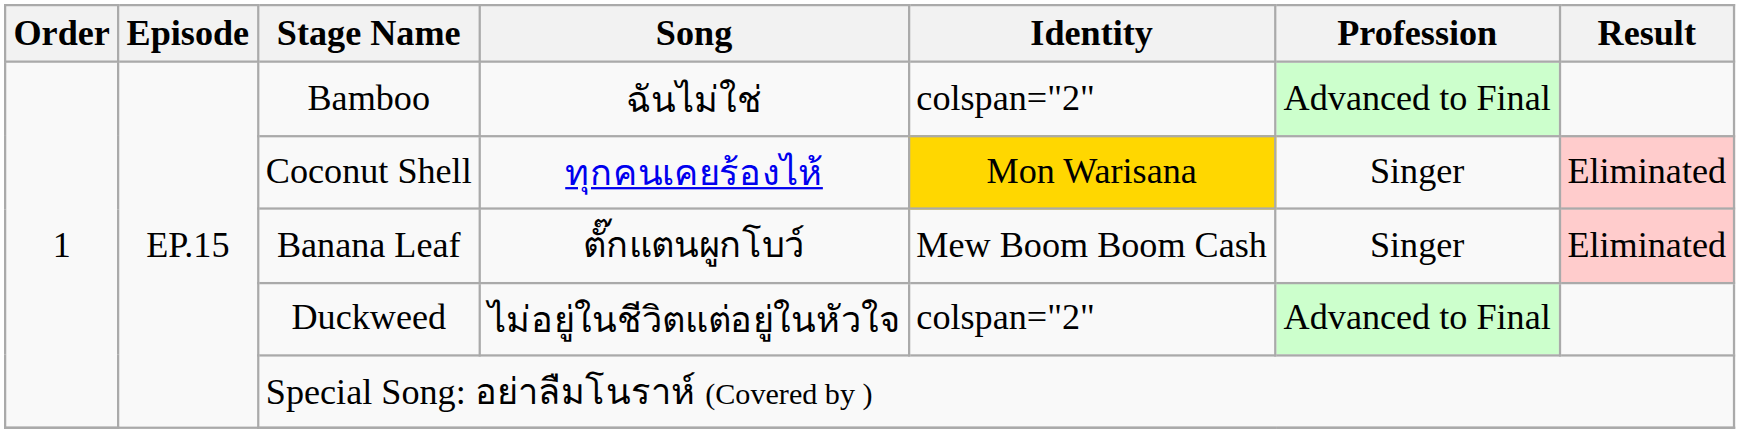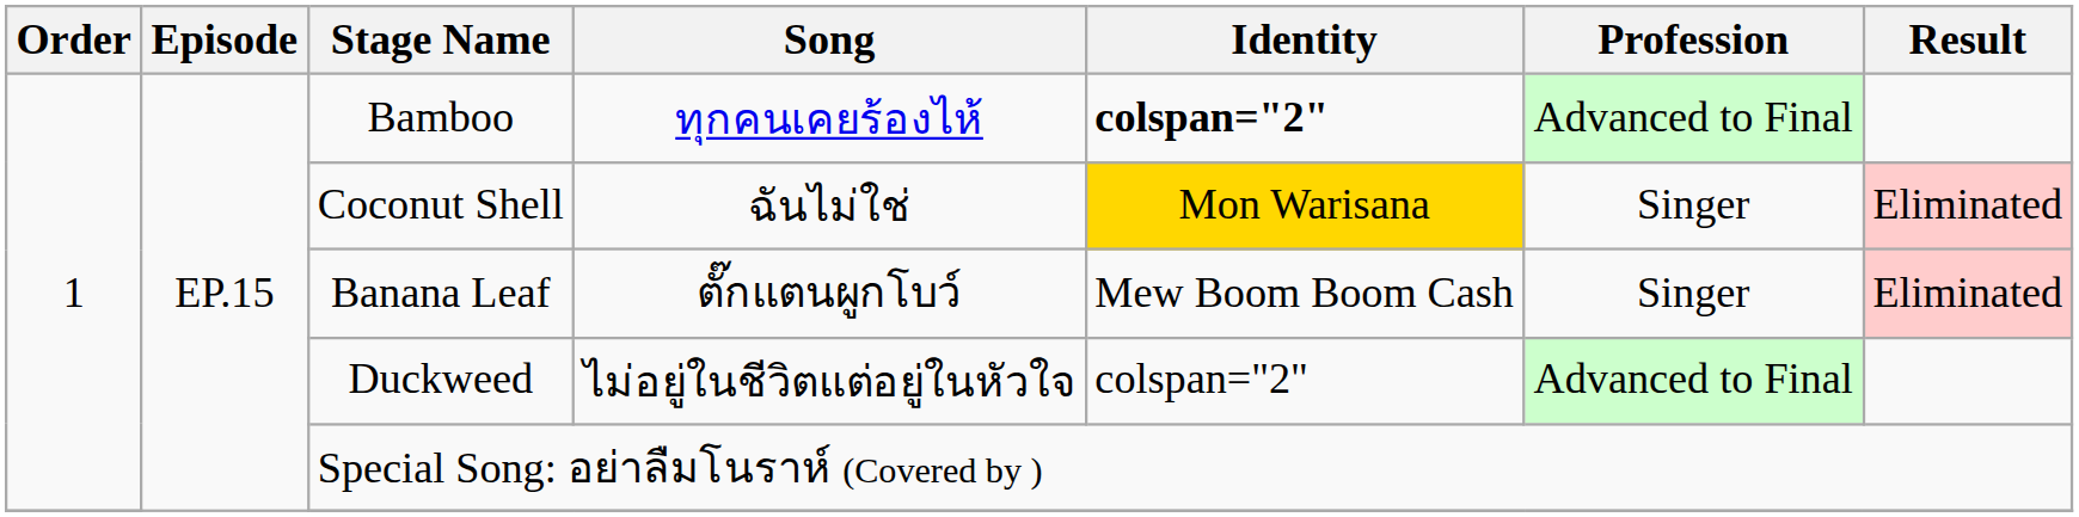 <table class="wikitable">
 <tr>
 <th>Order</th>
 <th>Episode</th>
 <th>Stage Name</th>
 <th>Song</th>
 <th>Identity</th>
 <th>Profession</th>
 <th>Result</th>
 </tr>
 <tr>
 <td rowspan="5" style="text-align:center;">1</td>
 <td rowspan="7" align="center">EP.15</td>
 <td style="text-align:center;">Bamboo</td>
-<td style="text-align:center;">ฉันไม่ใช่</td>
-<td>colspan="2"  </td>
+<td style="text-align:center;"><a href='#'>ทุกคนเคยร้องไห้</a></td>
+<td><strong>colspan="2"  </strong></td>
 <td style="text-align:center; background:#ccffcc;">Advanced to Final</td>
 </tr>
 <tr>
 <td style="text-align:center;">Coconut Shell</td>
-<td style="text-align:center;"><a href='#'>ทุกคนเคยร้องไห้</a></td>
+<td style="text-align:center;">ฉันไม่ใช่</td>
 <td style="background: gold; text-align:center;">Mon Warisana</td>
 <td style="text-align:center;">Singer</td>
 <td style="text-align:center; background:#ffcccc;">Eliminated</td>
 </tr>
 <tr>
 <td style="text-align:center;">Banana Leaf</td>
 <td style="text-align:center;">ตั๊กแตนผูกโบว์</td>
 <td style="text-align:center;">Mew Boom Boom Cash</td>
 <td style="text-align:center;">Singer</td>
 <td style="text-align:center; background:#ffcccc;">Eliminated</td>
 </tr>
 <tr>
 <td style="text-align:center;">Duckweed</td>
 <td style="text-align:center;">ไม่อยู่ในชีวิตแต่อยู่ในหัวใจ</td>
 <td>colspan="2"  </td>
 <td style="text-align:center; background:#ccffcc;">Advanced to Final</td>
 </tr>
 <tr>
 <td colspan="5">Special Song: อย่าลืมโนราห์ <small>(Covered by )</small></td>
 </tr>
 <tr>
 </tr>
 </table>
